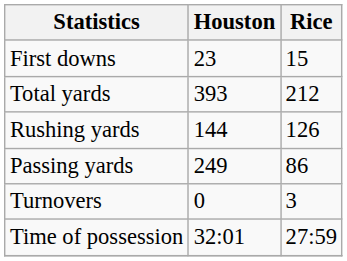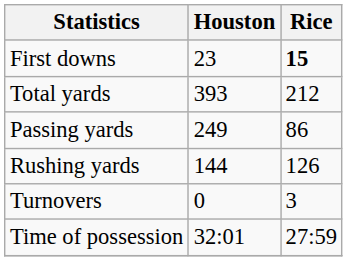 <table class="wikitable">
 <tr>
 <th>Statistics</th>
 <th>Houston</th>
 <th>Rice</th>
 </tr>
 <tr>
 <td>First downs</td>
 <td>23</td>
-<td>15</td>
+<td><strong>15</strong></td>
 </tr>
 <tr>
 <td>Total yards</td>
 <td>393</td>
 <td>212</td>
 </tr>
 <tr>
+<td>Passing yards</td>
+<td>249</td>
+<td>86</td>
+</tr>
+<tr>
 <td>Rushing yards</td>
 <td>144</td>
 <td>126</td>
-</tr>
-<tr>
-<td>Passing yards</td>
-<td>249</td>
-<td>86</td>
 </tr>
 <tr>
 <td>Turnovers</td>
 <td>0</td>
 <td>3</td>
 </tr>
 <tr>
 <td>Time of possession</td>
 <td>32:01</td>
 <td>27:59</td>
 </tr>
 <tr>
 </tr>
 </table>
